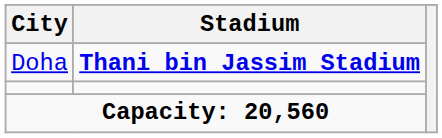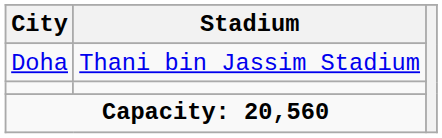 <table class="wikitable" style="margin:1em auto; text-align:center;">
 <tr>
 <th>City</th>
 <th>Stadium</th>
 <th rowspan="4"></th>
 </tr>
 <tr>
 <td><a href='#'>Doha</a></td>
-<td><strong><a href='#'>Thani bin Jassim Stadium</a></strong></td>
+<td><a href='#'>Thani bin Jassim Stadium</a></td>
 </tr>
 <tr>
 <td></td>
 <td></td>
 </tr>
 <tr>
 <td colspan="2"><strong>Capacity: 20,560</strong></td>
 </tr>
 </table>
